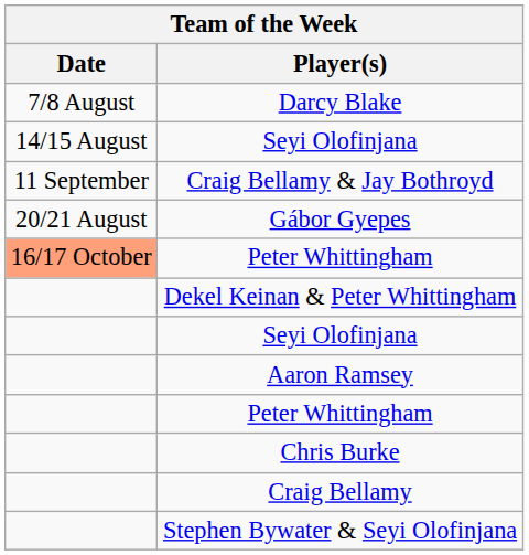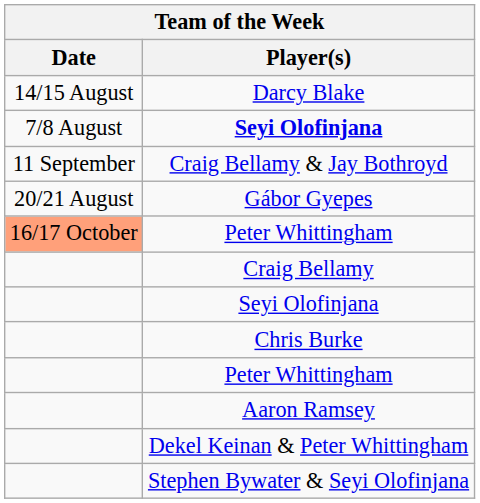 <table class="wikitable" style="text-align: center">
 <tr>
 <th style="text-align:center;" colspan="2">Team of the Week</th>
 </tr>
 <tr>
 <th>Date</th>
 <th>Player(s)</th>
 </tr>
 <tr>
-<td>7/8 August</td>
+<td>14/15 August</td>
 <td><a href='#'>Darcy Blake</a></td>
 </tr>
 <tr>
-<td>14/15 August</td>
-<td><a href='#'>Seyi Olofinjana</a></td>
+<td>7/8 August</td>
+<td><strong><a href='#'>Seyi Olofinjana</a></strong></td>
 </tr>
 <tr>
 <td>11 September</td>
 <td><a href='#'>Craig Bellamy</a> & <a href='#'>Jay Bothroyd</a></td>
 </tr>
 <tr>
 <td>20/21 August</td>
 <td><a href='#'>Gábor Gyepes</a></td>
 </tr>
 <tr>
 <td style="background: lightsalmon;">16/17 October</td>
 <td><a href='#'>Peter Whittingham</a></td>
 </tr>
 <tr>
 <td></td>
-<td><a href='#'>Dekel Keinan</a> & <a href='#'>Peter Whittingham</a></td>
+<td><a href='#'>Craig Bellamy</a></td>
 </tr>
 <tr>
 <td></td>
 <td><a href='#'>Seyi Olofinjana</a></td>
 </tr>
 <tr>
 <td></td>
-<td><a href='#'>Aaron Ramsey</a></td>
+<td><a href='#'>Chris Burke</a></td>
 </tr>
 <tr>
 <td></td>
 <td><a href='#'>Peter Whittingham</a></td>
 </tr>
 <tr>
 <td></td>
-<td><a href='#'>Chris Burke</a></td>
+<td><a href='#'>Aaron Ramsey</a></td>
 </tr>
 <tr>
 <td></td>
-<td><a href='#'>Craig Bellamy</a></td>
+<td><a href='#'>Dekel Keinan</a> & <a href='#'>Peter Whittingham</a></td>
 </tr>
 <tr>
 <td></td>
 <td><a href='#'>Stephen Bywater</a> & <a href='#'>Seyi Olofinjana</a></td>
 </tr>
 </table>
